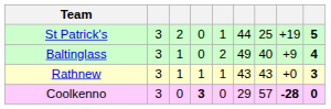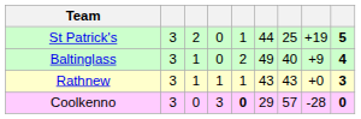 <table class="wikitable" style="text-align:center">
 <tr>
 <th style="width:175px;">Team</th>
 <th width="20"></th>
 <th width="20"></th>
 <th width="20"></th>
 <th width="20"></th>
 <th width="20"></th>
 <th width="20"></th>
 <th width="20"></th>
 <th width="20"></th>
 </tr>
 <tr style="background:#cfc;">
 <td><a href='#'>St Patrick's</a></td>
 <td>3</td>
 <td>2</td>
 <td>0</td>
 <td>1</td>
 <td>44</td>
 <td>25</td>
 <td>+19</td>
 <td><strong>5</strong></td>
 </tr>
 <tr style="background:#cfc;">
 <td><a href='#'>Baltinglass</a></td>
 <td>3</td>
 <td>1</td>
 <td>0</td>
 <td>2</td>
 <td>49</td>
 <td>40</td>
 <td>+9</td>
 <td><strong>4</strong></td>
 </tr>
 <tr style="background:#ffffcc;">
 <td><a href='#'>Rathnew</a></td>
 <td>3</td>
 <td>1</td>
 <td>1</td>
 <td>1</td>
 <td>43</td>
 <td>43</td>
 <td>+0</td>
 <td><strong>3</strong></td>
 </tr>
 <tr style="background:#fcf;">
 <td>Coolkenno</td>
 <td>3</td>
 <td>0</td>
-<td><strong>3</strong></td>
-<td>0</td>
+<td>3</td>
+<td><strong>0</strong></td>
 <td>29</td>
 <td>57</td>
-<td><strong>-28</strong></td>
+<td>-28</td>
 <td><strong>0</strong></td>
 </tr>
 </table>
